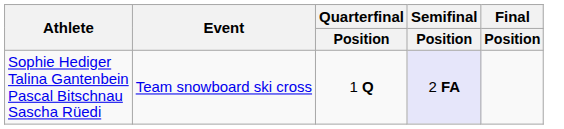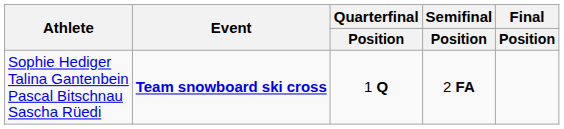 <table class="wikitable" style="font-size:90%">
 <tr>
 <th rowspan="2">Athlete</th>
 <th rowspan="2">Event</th>
 <th>Quarterfinal</th>
 <th>Semifinal</th>
 <th>Final</th>
 </tr>
 <tr style="font-size:95%">
 <th>Position</th>
 <th>Position</th>
 <th>Position</th>
 </tr>
 <tr align=center>
 <td align=left><a href='#'>Sophie Hediger</a><br><a href='#'>Talina Gantenbein</a><br><a href='#'>Pascal Bitschnau</a><br><a href='#'>Sascha Rüedi</a></td>
-<td align=left><a href='#'>Team snowboard ski cross</a></td>
+<td align=left><strong><a href='#'>Team snowboard ski cross</a></strong></td>
 <td>1 <strong>Q</strong></td>
-<td style="background: lavender;">2 <strong>FA</strong></td>
+<td>2 <strong>FA</strong></td>
 <td></td>
 </tr>
 </table>
